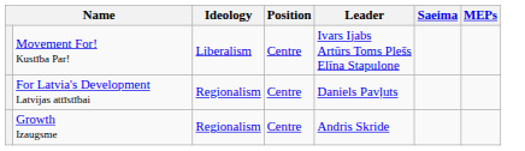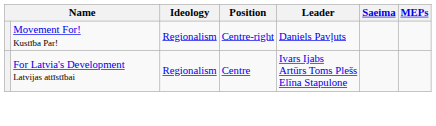 <table class="wikitable">
 <tr>
 <th colspan=2 width=225px>Name</th>
 <th>Ideology</th>
 <th>Position</th>
 <th>Leader</th>
 <th><a href='#'>Saeima</a></th>
 <th><a href='#'>MEPs</a></th>
 </tr>
 <tr>
 <th style="background:"></th>
 <td><a href='#'>Movement For!</a><br><small>Kustība Par!</small></td>
-<td><a href='#'>Liberalism</a></td>
-<td><a href='#'>Centre</a></td>
-<td><a href='#'>Ivars Ijabs</a><br><a href='#'>Artūrs Toms Plešs</a><br><a href='#'>Elīna Stapulone</a></td>
+<td><a href='#'>Regionalism</a></td>
+<td><a href='#'>Centre-right</a></td>
+<td><a href='#'>Daniels Pavļuts</a></td>
 <td></td>
 <td></td>
 </tr>
 <tr>
 <th style="background:"></th>
 <td><a href='#'>For Latvia's Development</a><br><small>Latvijas attīstībai</small></td>
 <td><a href='#'>Regionalism</a></td>
 <td><a href='#'>Centre</a></td>
-<td><a href='#'>Daniels Pavļuts</a></td>
-<td></td>
-<td></td>
-</tr>
-<tr>
-<th style="background:"></th>
-<td><a href='#'>Growth</a><br><small>Izaugsme</small></td>
-<td><a href='#'>Regionalism</a></td>
-<td><a href='#'>Centre</a></td>
-<td><a href='#'>Andris Skride</a></td>
+<td><a href='#'>Ivars Ijabs</a><br><a href='#'>Artūrs Toms Plešs</a><br><a href='#'>Elīna Stapulone</a></td>
 <td></td>
 <td></td>
 </tr>
 </table>
